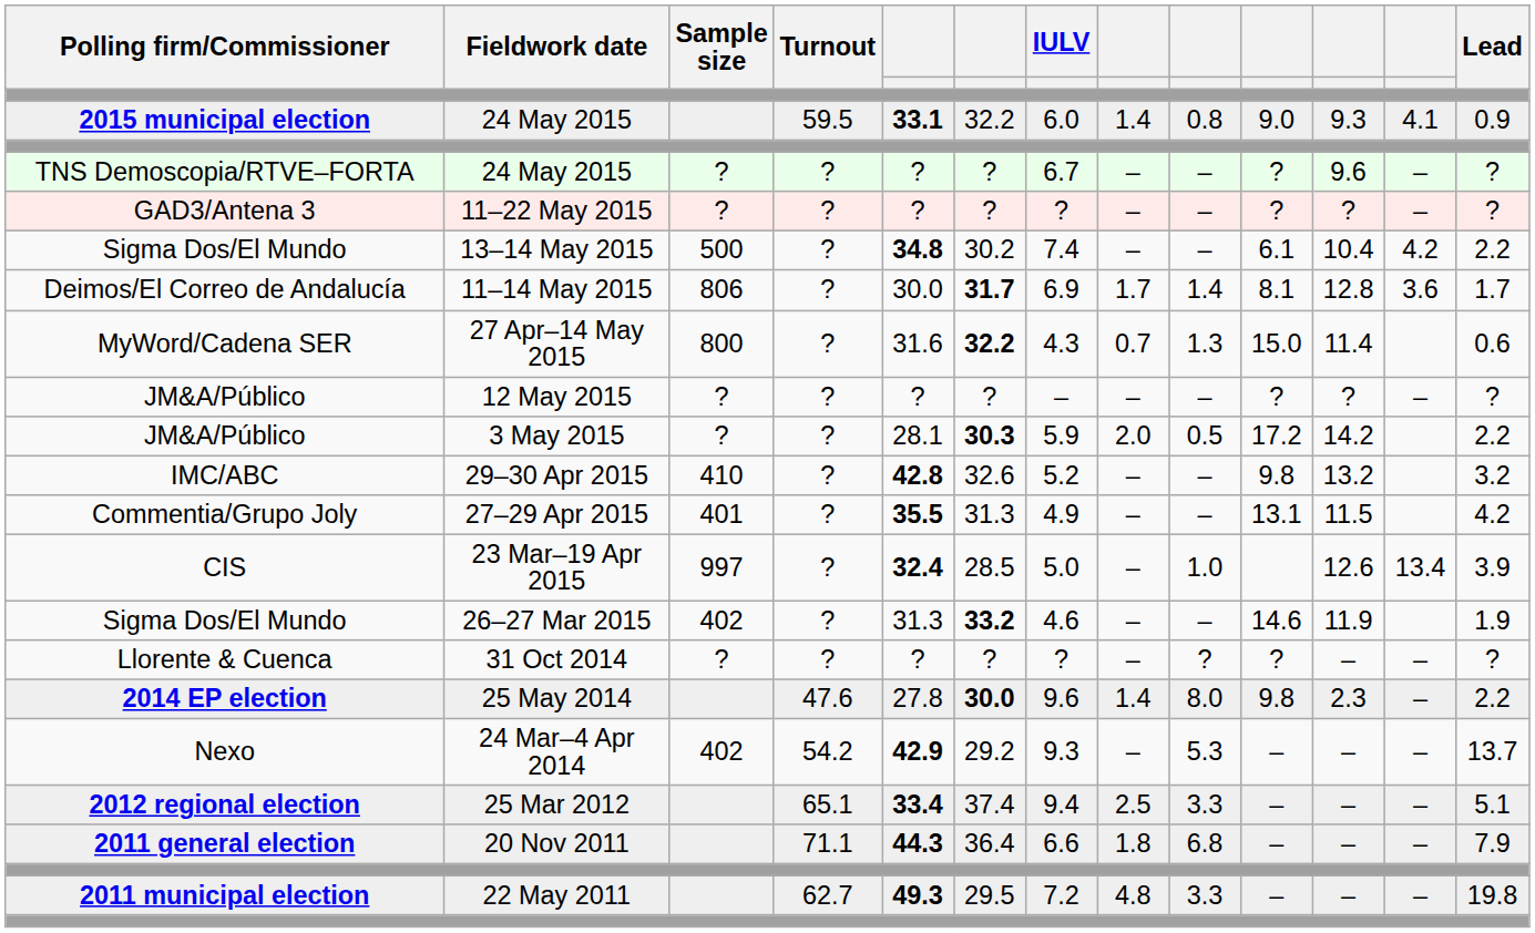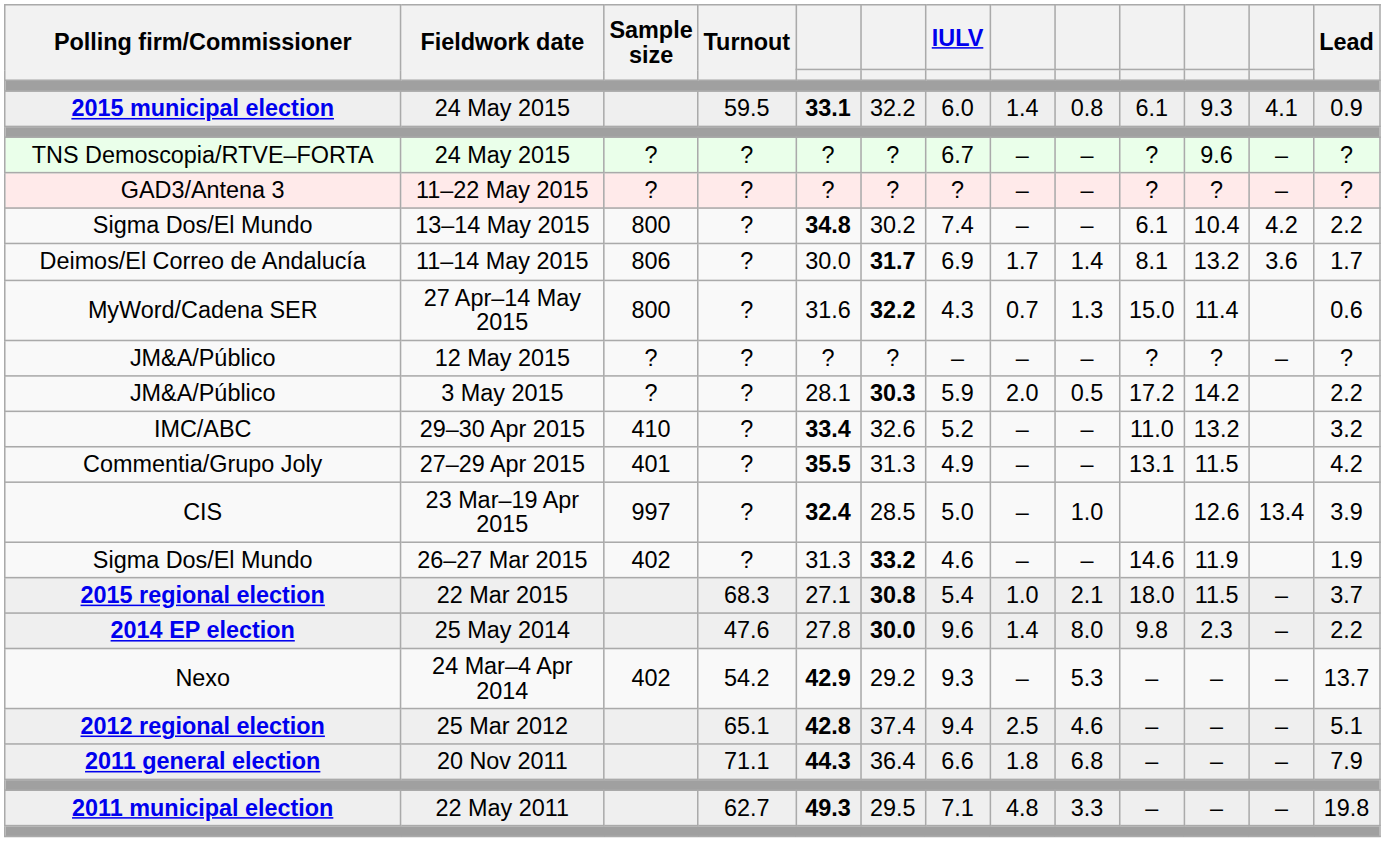 <table class="wikitable collapsible collapsed" style="text-align:center; font-size:95%; line-height:16px;">
 <tr style="height:42px;">
 <th style="width:250px;" rowspan="2">Polling firm/Commissioner</th>
 <th style="width:125px;" rowspan="2">Fieldwork date</th>
 <th style="width:50px;" rowspan="2">Sample size</th>
 <th style="width:45px;" rowspan="2">Turnout</th>
 <th style="width:35px;"></th>
 <th style="width:35px;"></th>
 <th style="width:35px;"><a href='#'>IULV</a></th>
 <th style="width:35px;"></th>
 <th style="width:35px;"></th>
 <th style="width:35px;"></th>
 <th style="width:35px;"></th>
 <th style="width:35px;"></th>
 <th style="width:30px;" rowspan="2">Lead</th>
 </tr>
 <tr>
 <th style="color:inherit;background:"></th>
 <th style="color:inherit;background:"></th>
 <th style="color:inherit;background:"></th>
 <th style="color:inherit;background:"></th>
 <th style="color:inherit;background:"></th>
 <th style="color:inherit;background:"></th>
 <th style="color:inherit;background:"></th>
 <th style="color:inherit;background:"></th>
 </tr>
 <tr>
 <td colspan="13" style="background:#A0A0A0"></td>
 </tr>
 <tr style="background:#EFEFEF;">
 <td><strong><a href='#'>2015 municipal election</a></strong></td>
 <td>24 May 2015</td>
 <td></td>
 <td>59.5</td>
 <td><strong>33.1</strong><br></td>
 <td>32.2<br></td>
 <td>6.0<br></td>
 <td>1.4<br></td>
 <td>0.8<br></td>
-<td>9.0<br></td>
+<td>6.1<br></td>
 <td>9.3<br></td>
 <td>4.1<br></td>
 <td style="background:">0.9</td>
 </tr>
 <tr>
 <td colspan="13" style="background:#A0A0A0"></td>
 </tr>
 <tr style="background:#EAFFEA;">
 <td>TNS Demoscopia/RTVE–FORTA</td>
 <td>24 May 2015</td>
 <td>?</td>
 <td>?</td>
 <td>?<br></td>
 <td>?<br></td>
 <td>6.7<br></td>
 <td>–</td>
 <td>–</td>
 <td>?<br></td>
 <td>9.6<br></td>
 <td>–</td>
 <td style="background:">?</td>
 </tr>
 <tr style="background:#FFEAEA;">
 <td>GAD3/Antena 3</td>
 <td>11–22 May 2015</td>
 <td>?</td>
 <td>?</td>
 <td>?<br></td>
 <td>?<br></td>
 <td>?<br></td>
 <td>–</td>
 <td>–</td>
 <td>?<br></td>
 <td>?<br></td>
 <td>–</td>
 <td style="background:">?</td>
 </tr>
 <tr>
 <td>Sigma Dos/El Mundo</td>
 <td>13–14 May 2015</td>
-<td>500</td>
+<td>800</td>
 <td>?</td>
 <td><strong>34.8</strong><br></td>
 <td>30.2<br></td>
 <td>7.4<br></td>
 <td>–</td>
 <td>–</td>
 <td>6.1<br></td>
 <td>10.4<br></td>
 <td>4.2<br></td>
 <td style="background:">2.2</td>
 </tr>
 <tr>
 <td>Deimos/El Correo de Andalucía</td>
 <td>11–14 May 2015</td>
 <td>806</td>
 <td>?</td>
 <td>30.0<br></td>
 <td><strong>31.7</strong><br></td>
 <td>6.9<br></td>
 <td>1.7<br></td>
 <td>1.4<br></td>
 <td>8.1<br></td>
-<td>12.8<br></td>
+<td>13.2<br></td>
 <td>3.6<br></td>
 <td style="background:">1.7</td>
 </tr>
 <tr>
 <td>MyWord/Cadena SER</td>
 <td>27 Apr–14 May 2015</td>
 <td>800</td>
 <td>?</td>
 <td>31.6<br></td>
 <td><strong>32.2</strong><br></td>
 <td>4.3<br></td>
 <td>0.7<br></td>
 <td>1.3<br></td>
 <td>15.0<br></td>
 <td>11.4<br></td>
 <td></td>
 <td style="background:">0.6</td>
 </tr>
 <tr>
 <td>JM&A/Público</td>
 <td>12 May 2015</td>
 <td>?</td>
 <td>?</td>
 <td>?<br></td>
 <td>?<br></td>
 <td>–</td>
 <td>–</td>
 <td>–</td>
 <td>?<br></td>
 <td>?<br></td>
 <td>–</td>
 <td style="background:">?</td>
 </tr>
 <tr>
 <td>JM&A/Público</td>
 <td>3 May 2015</td>
 <td>?</td>
 <td>?</td>
 <td>28.1<br></td>
 <td><strong>30.3</strong><br></td>
 <td>5.9<br></td>
 <td>2.0<br></td>
 <td>0.5<br></td>
 <td>17.2<br></td>
 <td>14.2<br></td>
 <td></td>
 <td style="background:">2.2</td>
 </tr>
 <tr>
 <td>IMC/ABC</td>
 <td>29–30 Apr 2015</td>
 <td>410</td>
 <td>?</td>
-<td><strong>42.8</strong><br></td>
+<td><strong>33.4</strong><br></td>
 <td>32.6<br></td>
 <td>5.2<br></td>
 <td>–</td>
 <td>–</td>
-<td>9.8<br></td>
+<td>11.0<br></td>
 <td>13.2<br></td>
 <td></td>
 <td style="background:">3.2</td>
 </tr>
 <tr>
 <td>Commentia/Grupo Joly</td>
 <td>27–29 Apr 2015</td>
 <td>401</td>
 <td>?</td>
 <td><strong>35.5</strong><br></td>
 <td>31.3<br></td>
 <td>4.9<br></td>
 <td>–</td>
 <td>–</td>
 <td>13.1<br></td>
 <td>11.5<br></td>
 <td></td>
 <td style="background:">4.2</td>
 </tr>
 <tr>
 <td>CIS</td>
 <td>23 Mar–19 Apr 2015</td>
 <td>997</td>
 <td>?</td>
 <td><strong>32.4</strong><br></td>
 <td>28.5<br></td>
 <td>5.0<br></td>
 <td>–</td>
 <td>1.0<br></td>
 <td></td>
 <td>12.6<br></td>
 <td>13.4<br></td>
 <td style="background:">3.9</td>
 </tr>
 <tr>
 <td>Sigma Dos/El Mundo</td>
 <td>26–27 Mar 2015</td>
 <td>402</td>
 <td>?</td>
 <td>31.3<br></td>
 <td><strong>33.2</strong><br></td>
 <td>4.6<br></td>
 <td>–</td>
 <td>–</td>
 <td>14.6<br></td>
 <td>11.9<br></td>
 <td></td>
 <td style="background:">1.9</td>
 </tr>
-<tr>
-<td>Llorente & Cuenca</td>
-<td>31 Oct 2014</td>
-<td>?</td>
-<td>?</td>
-<td>?<br></td>
-<td>?<br></td>
-<td>?<br></td>
+<tr style="background:#EFEFEF;">
+<td><strong><a href='#'>2015 regional election</a></strong></td>
+<td>22 Mar 2015</td>
+<td></td>
+<td>68.3</td>
+<td>27.1<br></td>
+<td><strong>30.8</strong><br></td>
+<td>5.4<br></td>
+<td>1.0<br></td>
+<td>2.1<br></td>
+<td>18.0<br></td>
+<td>11.5<br></td>
 <td>–</td>
-<td>?<br></td>
-<td>?<br></td>
-<td>–</td>
-<td>–</td>
-<td style="background:">?</td>
+<td style="background:">3.7</td>
 </tr>
 <tr style="background:#EFEFEF;">
 <td><strong><a href='#'>2014 EP election</a></strong></td>
 <td>25 May 2014</td>
 <td></td>
 <td>47.6</td>
 <td>27.8<br></td>
 <td><strong>30.0</strong><br></td>
 <td>9.6<br></td>
 <td>1.4<br></td>
 <td>8.0<br></td>
 <td>9.8<br></td>
 <td>2.3<br></td>
 <td>–</td>
 <td style="background:">2.2</td>
 </tr>
 <tr>
 <td>Nexo</td>
 <td>24 Mar–4 Apr 2014</td>
 <td>402</td>
 <td>54.2</td>
 <td><strong>42.9</strong><br></td>
 <td>29.2<br></td>
 <td>9.3<br></td>
 <td>–</td>
 <td>5.3<br></td>
 <td>–</td>
 <td>–</td>
 <td>–</td>
 <td style="background:">13.7</td>
 </tr>
 <tr style="background:#EFEFEF;">
 <td><strong><a href='#'>2012 regional election</a></strong></td>
 <td>25 Mar 2012</td>
 <td></td>
 <td>65.1</td>
-<td><strong>33.4</strong><br></td>
+<td><strong>42.8</strong><br></td>
 <td>37.4<br></td>
 <td>9.4<br></td>
 <td>2.5<br></td>
-<td>3.3<br></td>
+<td>4.6<br></td>
 <td>–</td>
 <td>–</td>
 <td>–</td>
 <td style="background:">5.1</td>
 </tr>
 <tr style="background:#EFEFEF;">
 <td><strong><a href='#'>2011 general election</a></strong></td>
 <td>20 Nov 2011</td>
 <td></td>
 <td>71.1</td>
 <td><strong>44.3</strong><br></td>
 <td>36.4<br></td>
 <td>6.6<br></td>
 <td>1.8<br></td>
 <td>6.8<br></td>
 <td>–</td>
 <td>–</td>
 <td>–</td>
 <td style="background:">7.9</td>
 </tr>
 <tr>
 <td colspan="13" style="background:#A0A0A0"></td>
 </tr>
 <tr style="background:#EFEFEF;">
 <td><strong><a href='#'>2011 municipal election</a></strong></td>
 <td>22 May 2011</td>
 <td></td>
 <td>62.7</td>
 <td><strong>49.3</strong><br></td>
 <td>29.5<br></td>
-<td>7.2<br></td>
+<td>7.1<br></td>
 <td>4.8<br></td>
 <td>3.3<br></td>
 <td>–</td>
 <td>–</td>
 <td>–</td>
 <td style="background:">19.8</td>
 </tr>
 <tr>
 <td colspan="13" style="background:#A0A0A0"></td>
 </tr>
 </table>
